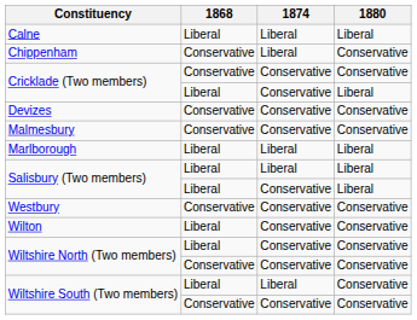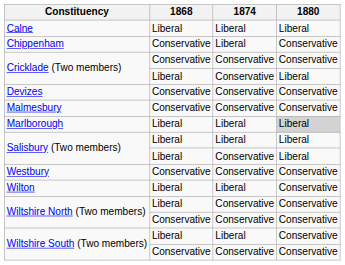 <table class="wikitable">
 <tr>
 <th>Constituency</th>
 <th>1868</th>
 <th>1874</th>
 <th>1880</th>
 </tr>
 <tr>
 <td><a href='#'>Calne</a></td>
 <td>Liberal</td>
 <td>Liberal</td>
 <td>Liberal</td>
 </tr>
 <tr>
 <td><a href='#'>Chippenham</a></td>
 <td>Conservative</td>
 <td>Liberal</td>
 <td>Conservative</td>
 </tr>
 <tr>
 <td rowspan="2"><a href='#'>Cricklade</a> (Two members)</td>
 <td>Conservative</td>
 <td>Conservative</td>
 <td>Conservative</td>
 </tr>
 <tr>
 <td>Liberal</td>
 <td>Conservative</td>
 <td>Liberal</td>
 </tr>
 <tr>
 <td><a href='#'>Devizes</a></td>
 <td>Conservative</td>
 <td>Conservative</td>
 <td>Conservative</td>
 </tr>
 <tr>
 <td><a href='#'>Malmesbury</a></td>
 <td>Conservative</td>
 <td>Conservative</td>
 <td>Conservative</td>
 </tr>
 <tr>
 <td><a href='#'>Marlborough</a></td>
 <td>Liberal</td>
 <td>Liberal</td>
-<td>Liberal</td>
+<td style="background: lightgrey;">Liberal</td>
 </tr>
 <tr>
 <td rowspan="2"><a href='#'>Salisbury</a> (Two members)</td>
 <td>Liberal</td>
 <td>Liberal</td>
 <td>Liberal</td>
 </tr>
 <tr>
 <td>Liberal</td>
 <td>Conservative</td>
 <td>Liberal</td>
 </tr>
 <tr>
 <td><a href='#'>Westbury</a></td>
 <td>Conservative</td>
 <td>Conservative</td>
 <td>Conservative</td>
 </tr>
 <tr>
 <td><a href='#'>Wilton</a></td>
 <td>Liberal</td>
-<td>Conservative</td>
+<td>Liberal</td>
 <td>Conservative</td>
 </tr>
 <tr>
 <td rowspan="2"><a href='#'>Wiltshire North</a> (Two members)</td>
 <td>Liberal</td>
 <td>Conservative</td>
 <td>Conservative</td>
 </tr>
 <tr>
 <td>Conservative</td>
 <td>Conservative</td>
 <td>Conservative</td>
 </tr>
 <tr>
 <td rowspan="2"><a href='#'>Wiltshire South</a> (Two members)</td>
 <td>Liberal</td>
 <td>Liberal</td>
 <td>Conservative</td>
 </tr>
 <tr>
 <td>Conservative</td>
 <td>Conservative</td>
 <td>Conservative</td>
 </tr>
 </table>
